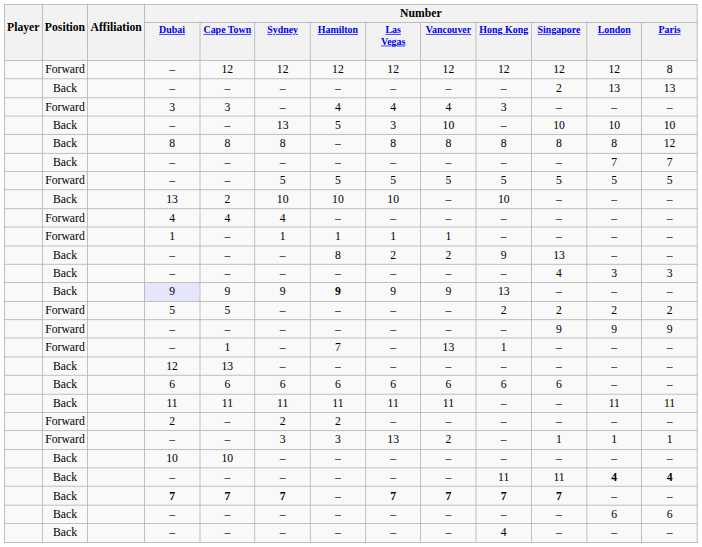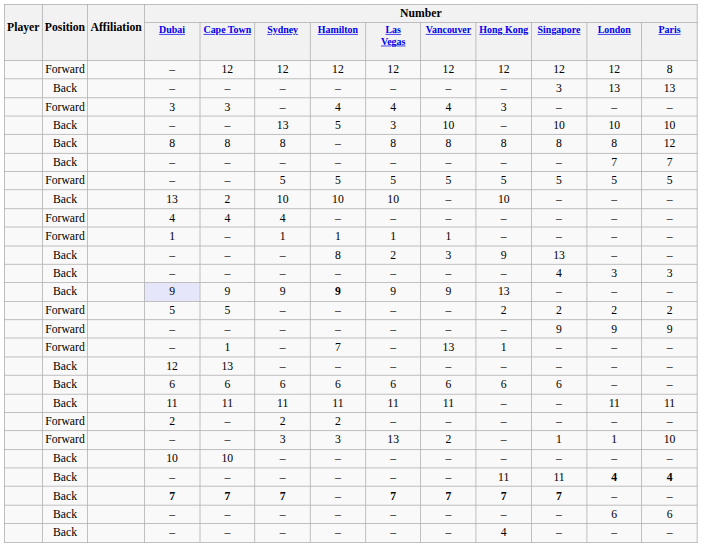 <table class="wikitable sortable" style="text-align:center;">
 <tr>
 <th rowspan=2 style="border-bottom:0px;">Player</th>
 <th rowspan=2 style="border-bottom:0px;">Position</th>
 <th rowspan=2 style="border-bottom:0px;">Affiliation</th>
 <th colspan=10>Number</th>
 </tr>
 <tr>
 <th valign=top style="width:5.2em; border-bottom:0px; padding:2px; font-size:85%;"><a href='#'>Dubai</a></th>
 <th valign=top style="width:5.2em; border-bottom:0px; padding:2px; font-size:85%;"><a href='#'>Cape Town</a></th>
 <th valign=top style="width:5.2em; border-bottom:0px; padding:2px; font-size:85%;"><a href='#'>Sydney</a></th>
 <th valign=top style="width:5.2em; border-bottom:0px; padding:2px; font-size:85%;"><a href='#'>Hamilton</a></th>
 <th valign=top style="width:5.2em; border-bottom:0px; padding:2px; font-size:85%;"><a href='#'>Las<br>Vegas</a></th>
 <th valign=top style="width:5.2em; border-bottom:0px; padding:2px; font-size:85%;"><a href='#'>Vancouver</a></th>
 <th valign=top style="width:5.2em; border-bottom:0px; padding:2px; font-size:85%;"><a href='#'>Hong Kong</a></th>
 <th valign=top style="width:5.2em; border-bottom:0px; padding:2px; font-size:85%;"><a href='#'>Singapore</a></th>
 <th valign=top style="width:5.2em; border-bottom:0px; padding:2px; font-size:85%;"><a href='#'>London</a></th>
 <th valign=top style="width:5.2em; border-bottom:0px; padding:2px; font-size:85%;"><a href='#'>Paris</a></th>
 </tr>
 <tr style="line-height:8px;">
 <th style="border-top:0px;"> </th>
 <th style="border-top:0px;"></th>
 <th style="border-top:0px;"></th>
 <th data-sort-type="number" style="border-top:0px;"></th>
 <th data-sort-type="number" style="border-top:0px;"></th>
 <th data-sort-type="number" style="border-top:0px;"></th>
 <th data-sort-type="number" style="border-top:0px;"></th>
 <th data-sort-type="number" style="border-top:0px;"></th>
 <th data-sort-type="number" style="border-top:0px;"></th>
 <th data-sort-type="number" style="border-top:0px;"></th>
 <th data-sort-type="number" style="border-top:0px;"></th>
 <th data-sort-type="number" style="border-top:0px;"></th>
 <th data-sort-type="number" style="border-top:0px;"></th>
 </tr>
 <tr>
 <td align=left></td>
 <td>Forward</td>
 <td></td>
 <td>–</td>
 <td>12</td>
 <td>12</td>
 <td>12</td>
 <td>12</td>
 <td>12</td>
 <td>12</td>
 <td>12</td>
 <td>12</td>
 <td>8</td>
 </tr>
 <tr>
 <td align=left></td>
 <td>Back</td>
 <td></td>
 <td>–</td>
 <td>–</td>
 <td>–</td>
 <td>–</td>
 <td>–</td>
 <td>–</td>
 <td>–</td>
-<td>2</td>
+<td>3</td>
 <td>13</td>
 <td>13</td>
 </tr>
 <tr>
 <td align=left></td>
 <td>Forward</td>
 <td></td>
 <td>3</td>
 <td>3</td>
 <td>–</td>
 <td>4</td>
 <td>4</td>
 <td>4</td>
 <td>3</td>
 <td>–</td>
 <td>–</td>
 <td>–</td>
 </tr>
 <tr>
 <td align=left></td>
 <td>Back</td>
 <td></td>
 <td>–</td>
 <td>–</td>
 <td>13</td>
 <td>5</td>
 <td>3</td>
 <td>10</td>
 <td>–</td>
 <td>10</td>
 <td>10</td>
 <td>10</td>
 </tr>
 <tr>
 <td align=left></td>
 <td>Back</td>
 <td></td>
 <td>8</td>
 <td>8</td>
 <td>8</td>
 <td>–</td>
 <td>8</td>
 <td>8</td>
 <td>8</td>
 <td>8</td>
 <td>8</td>
 <td>12</td>
 </tr>
 <tr>
 <td align=left></td>
 <td>Back</td>
 <td></td>
 <td>–</td>
 <td>–</td>
 <td>–</td>
 <td>–</td>
 <td>–</td>
 <td>–</td>
 <td>–</td>
 <td>–</td>
 <td>7</td>
 <td>7</td>
 </tr>
 <tr>
 <td align=left></td>
 <td>Forward</td>
 <td></td>
 <td>–</td>
 <td>–</td>
 <td>5</td>
 <td>5</td>
 <td>5</td>
 <td>5</td>
 <td>5</td>
 <td>5</td>
 <td>5</td>
 <td>5</td>
 </tr>
 <tr>
 <td align=left></td>
 <td>Back</td>
 <td></td>
 <td>13</td>
 <td>2</td>
 <td>10</td>
 <td>10</td>
 <td>10</td>
 <td>–</td>
 <td>10</td>
 <td>–</td>
 <td>–</td>
 <td>–</td>
 </tr>
 <tr>
 <td align=left></td>
 <td>Forward</td>
 <td></td>
 <td>4</td>
 <td>4</td>
 <td>4</td>
 <td>–</td>
 <td>–</td>
 <td>–</td>
 <td>–</td>
 <td>–</td>
 <td>–</td>
 <td>–</td>
 </tr>
 <tr>
 <td align=left></td>
 <td>Forward</td>
 <td></td>
 <td>1</td>
 <td>–</td>
 <td>1</td>
 <td>1</td>
 <td>1</td>
 <td>1</td>
 <td>–</td>
 <td>–</td>
 <td>–</td>
 <td>–</td>
 </tr>
 <tr>
 <td align=left></td>
 <td>Back</td>
 <td></td>
 <td>–</td>
 <td>–</td>
 <td>–</td>
 <td>8</td>
 <td>2</td>
-<td>2</td>
+<td>3</td>
 <td>9</td>
 <td>13</td>
 <td>–</td>
 <td>–</td>
 </tr>
 <tr>
 <td align=left></td>
 <td>Back</td>
 <td></td>
 <td>–</td>
 <td>–</td>
 <td>–</td>
 <td>–</td>
 <td>–</td>
 <td>–</td>
 <td>–</td>
 <td>4</td>
 <td>3</td>
 <td>3</td>
 </tr>
 <tr>
 <td align=left></td>
 <td>Back</td>
 <td></td>
 <td style="background: lavender;">9</td>
 <td>9</td>
 <td>9</td>
 <td><strong>9</strong></td>
 <td>9</td>
 <td>9</td>
 <td>13</td>
 <td>–</td>
 <td>–</td>
 <td>–</td>
 </tr>
 <tr>
 <td align=left></td>
 <td>Forward</td>
 <td></td>
 <td>5</td>
 <td>5</td>
 <td>–</td>
 <td>–</td>
 <td>–</td>
 <td>–</td>
 <td>2</td>
 <td>2</td>
 <td>2</td>
 <td>2</td>
 </tr>
 <tr>
 <td align=left></td>
 <td>Forward</td>
 <td></td>
 <td>–</td>
 <td>–</td>
 <td>–</td>
 <td>–</td>
 <td>–</td>
 <td>–</td>
 <td>–</td>
 <td>9</td>
 <td>9</td>
 <td>9</td>
 </tr>
 <tr>
 <td align=left></td>
 <td>Forward</td>
 <td></td>
 <td>–</td>
 <td>1</td>
 <td>–</td>
 <td>7</td>
 <td>–</td>
 <td>13</td>
 <td>1</td>
 <td>–</td>
 <td>–</td>
 <td>–</td>
 </tr>
 <tr>
 <td align=left></td>
 <td>Back</td>
 <td></td>
 <td>12</td>
 <td>13</td>
 <td>–</td>
 <td>–</td>
 <td>–</td>
 <td>–</td>
 <td>–</td>
 <td>–</td>
 <td>–</td>
 <td>–</td>
 </tr>
 <tr>
 <td align=left></td>
 <td>Back</td>
 <td></td>
 <td>6</td>
 <td>6</td>
 <td>6</td>
 <td>6</td>
 <td>6</td>
 <td>6</td>
 <td>6</td>
 <td>6</td>
 <td>–</td>
 <td>–</td>
 </tr>
 <tr>
 <td align=left></td>
 <td>Back</td>
 <td></td>
 <td>11</td>
 <td>11</td>
 <td>11</td>
 <td>11</td>
 <td>11</td>
 <td>11</td>
 <td>–</td>
 <td>–</td>
 <td>11</td>
 <td>11</td>
 </tr>
 <tr>
 <td align=left></td>
 <td>Forward</td>
 <td></td>
 <td>2</td>
 <td>–</td>
 <td>2</td>
 <td>2</td>
 <td>–</td>
 <td>–</td>
 <td>–</td>
 <td>–</td>
 <td>–</td>
 <td>–</td>
 </tr>
 <tr>
 <td align=left></td>
 <td>Forward</td>
 <td></td>
 <td>–</td>
 <td>–</td>
 <td>3</td>
 <td>3</td>
 <td>13</td>
 <td>2</td>
 <td>–</td>
 <td>1</td>
 <td>1</td>
-<td>1</td>
+<td>10</td>
 </tr>
 <tr>
 <td align=left></td>
 <td>Back</td>
 <td></td>
 <td>10</td>
 <td>10</td>
 <td>–</td>
 <td>–</td>
 <td>–</td>
 <td>–</td>
 <td>–</td>
 <td>–</td>
 <td>–</td>
 <td>–</td>
 </tr>
 <tr>
 <td align=left></td>
 <td>Back</td>
 <td></td>
 <td>–</td>
 <td>–</td>
 <td>–</td>
 <td>–</td>
 <td>–</td>
 <td>–</td>
 <td>11</td>
 <td>11</td>
 <td><strong>4</strong></td>
 <td><strong>4</strong></td>
 </tr>
 <tr>
 <td align=left></td>
 <td>Back</td>
 <td></td>
 <td><strong>7</strong></td>
 <td><strong>7</strong></td>
 <td><strong>7</strong></td>
 <td>–</td>
 <td><strong>7</strong></td>
 <td><strong>7</strong></td>
 <td><strong>7</strong></td>
 <td><strong>7</strong></td>
 <td>–</td>
 <td>–</td>
 </tr>
 <tr>
 <td align=left></td>
 <td>Back</td>
 <td></td>
 <td>–</td>
 <td>–</td>
 <td>–</td>
 <td>–</td>
 <td>–</td>
 <td>–</td>
 <td>–</td>
 <td>–</td>
 <td>6</td>
 <td>6</td>
 </tr>
 <tr>
 <td align=left></td>
 <td>Back</td>
 <td></td>
 <td>–</td>
 <td>–</td>
 <td>–</td>
 <td>–</td>
 <td>–</td>
 <td>–</td>
 <td>4</td>
 <td>–</td>
 <td>–</td>
 <td>–</td>
 </tr>
 </table>
